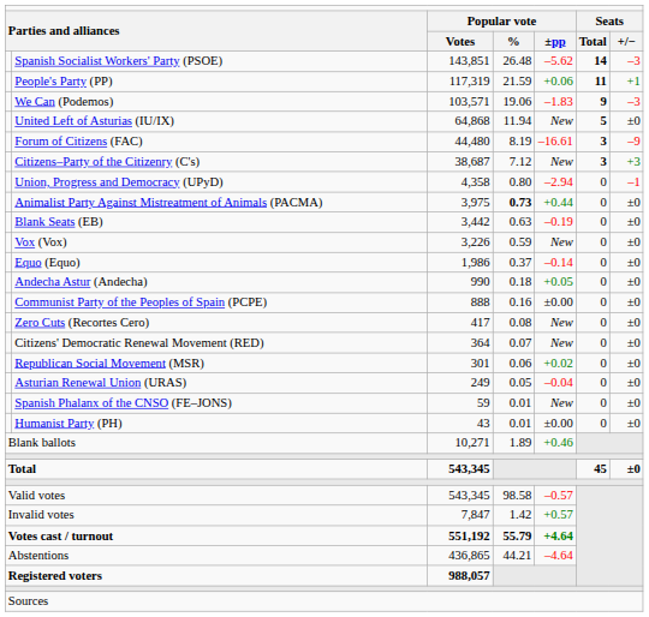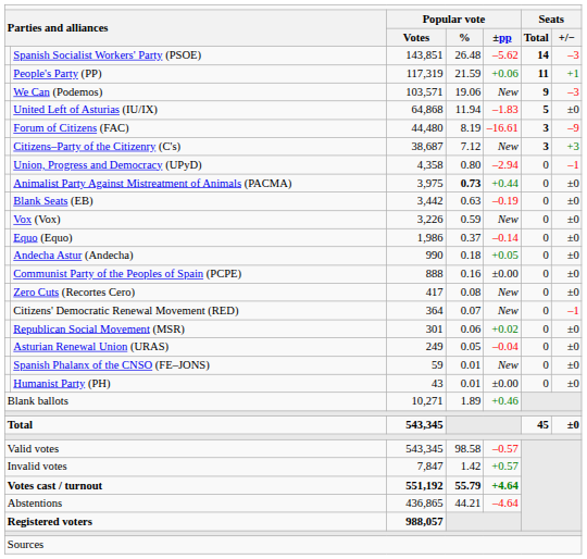 <table class="wikitable" style="text-align:right;">
 <tr>
 <td colspan="7"></td>
 </tr>
 <tr>
 <th style="text-align:left;" rowspan="2" colspan="2" width="525">Parties and alliances</th>
 <th colspan="3">Popular vote</th>
 <th colspan="2">Seats</th>
 </tr>
 <tr>
 <th width="75">Votes</th>
 <th width="45">%</th>
 <th width="45">±<a href='#'>pp</a></th>
 <th width="35">Total</th>
 <th width="35">+/−</th>
 </tr>
 <tr>
 <td width="1" style="color:inherit;background:"></td>
 <td align="left"><a href='#'>Spanish Socialist Workers' Party</a> (PSOE)</td>
 <td>143,851</td>
 <td>26.48</td>
 <td style="color:red;">–5.62</td>
 <td><strong>14</strong></td>
 <td style="color:red;">–3</td>
 </tr>
 <tr>
 <td style="color:inherit;background:"></td>
 <td align="left"><a href='#'>People's Party</a> (PP)</td>
 <td>117,319</td>
 <td>21.59</td>
 <td style="color:green;">+0.06</td>
 <td><strong>11</strong></td>
 <td style="color:green;">+1</td>
 </tr>
 <tr>
 <td style="color:inherit;background:"></td>
 <td align="left"><a href='#'>We Can</a> (Podemos)</td>
 <td>103,571</td>
 <td>19.06</td>
-<td style="color:red;">–1.83</td>
+<td><em>New</em></td>
 <td><strong>9</strong></td>
 <td style="color:red;">–3</td>
 </tr>
 <tr>
 <td style="color:inherit;background:"></td>
 <td align="left"><a href='#'>United Left of Asturias</a> (IU/IX)</td>
 <td>64,868</td>
 <td>11.94</td>
-<td><em>New</em></td>
+<td style="color:red;">–1.83</td>
 <td><strong>5</strong></td>
 <td>±0</td>
 </tr>
 <tr>
 <td style="color:inherit;background:"></td>
 <td align="left"><a href='#'>Forum of Citizens</a> (FAC)</td>
 <td>44,480</td>
 <td>8.19</td>
 <td style="color:red;">–16.61</td>
 <td><strong>3</strong></td>
 <td style="color:red;">–9</td>
 </tr>
 <tr>
 <td style="color:inherit;background:"></td>
 <td align="left"><a href='#'>Citizens–Party of the Citizenry</a> (C's)</td>
 <td>38,687</td>
 <td>7.12</td>
 <td><em>New</em></td>
 <td><strong>3</strong></td>
 <td style="color:green;">+3</td>
 </tr>
 <tr>
 <td style="color:inherit;background:"></td>
 <td align="left"><a href='#'>Union, Progress and Democracy</a> (UPyD)</td>
 <td>4,358</td>
 <td>0.80</td>
 <td style="color:red;">–2.94</td>
 <td>0</td>
 <td style="color:red;">–1</td>
 </tr>
 <tr>
 <td style="color:inherit;background:"></td>
 <td align="left"><a href='#'>Animalist Party Against Mistreatment of Animals</a> (PACMA)</td>
 <td>3,975</td>
 <td><strong>0.73</strong></td>
 <td style="color:green;">+0.44</td>
 <td>0</td>
 <td>±0</td>
 </tr>
 <tr>
 <td style="color:inherit;background:"></td>
 <td align="left"><a href='#'>Blank Seats</a> (EB)</td>
 <td>3,442</td>
 <td>0.63</td>
 <td style="color:red;">–0.19</td>
 <td>0</td>
 <td>±0</td>
 </tr>
 <tr>
 <td style="color:inherit;background:"></td>
 <td align="left"><a href='#'>Vox</a> (Vox)</td>
 <td>3,226</td>
 <td>0.59</td>
 <td><em>New</em></td>
 <td>0</td>
 <td>±0</td>
 </tr>
 <tr>
 <td style="color:inherit;background:"></td>
 <td align="left"><a href='#'>Equo</a> (Equo)</td>
 <td>1,986</td>
 <td>0.37</td>
 <td style="color:red;">–0.14</td>
 <td>0</td>
 <td>±0</td>
 </tr>
 <tr>
 <td style="color:inherit;background:"></td>
 <td align="left"><a href='#'>Andecha Astur</a> (Andecha)</td>
 <td>990</td>
 <td>0.18</td>
 <td style="color:green;">+0.05</td>
 <td>0</td>
 <td>±0</td>
 </tr>
 <tr>
 <td style="color:inherit;background:"></td>
 <td align="left"><a href='#'>Communist Party of the Peoples of Spain</a> (PCPE)</td>
 <td>888</td>
 <td>0.16</td>
 <td>±0.00</td>
 <td>0</td>
 <td>±0</td>
 </tr>
 <tr>
 <td style="color:inherit;background:"></td>
 <td align="left"><a href='#'>Zero Cuts</a> (Recortes Cero)</td>
 <td>417</td>
 <td>0.08</td>
 <td><em>New</em></td>
 <td>0</td>
 <td>±0</td>
 </tr>
 <tr>
 <td style="color:inherit;background:"></td>
 <td align="left">Citizens' Democratic Renewal Movement (RED)</td>
 <td>364</td>
 <td>0.07</td>
 <td><em>New</em></td>
 <td>0</td>
-<td>±0</td>
+<td style="color:red;">–1</td>
 </tr>
 <tr>
 <td style="color:inherit;background:"></td>
 <td align="left"><a href='#'>Republican Social Movement</a> (MSR)</td>
 <td>301</td>
 <td>0.06</td>
 <td style="color:green;">+0.02</td>
 <td>0</td>
 <td>±0</td>
 </tr>
 <tr>
 <td style="color:inherit;background:"></td>
 <td align="left"><a href='#'>Asturian Renewal Union</a> (URAS)</td>
 <td>249</td>
 <td>0.05</td>
 <td style="color:red;">–0.04</td>
 <td>0</td>
 <td>±0</td>
 </tr>
 <tr>
 <td style="color:inherit;background:"></td>
 <td align="left"><a href='#'>Spanish Phalanx of the CNSO</a> (FE–JONS)</td>
 <td>59</td>
 <td>0.01</td>
 <td><em>New</em></td>
 <td>0</td>
 <td>±0</td>
 </tr>
 <tr>
 <td style="color:inherit;background:"></td>
 <td align="left"><a href='#'>Humanist Party</a> (PH)</td>
 <td>43</td>
 <td>0.01</td>
 <td>±0.00</td>
 <td>0</td>
 <td>±0</td>
 </tr>
 <tr>
 <td align="left" colspan="2">Blank ballots</td>
 <td>10,271</td>
 <td>1.89</td>
 <td style="color:green;">+0.46</td>
 <td bgcolor="#E9E9E9" colspan="2"></td>
 </tr>
 <tr>
 <td colspan="7" bgcolor="#E9E9E9"></td>
 </tr>
 <tr style="font-weight:bold;">
 <td align="left" colspan="2">Total</td>
 <td>543,345</td>
 <td bgcolor="#E9E9E9" colspan="2"></td>
 <td>45</td>
 <td>±0</td>
 </tr>
 <tr>
 <td colspan="7" bgcolor="#E9E9E9"></td>
 </tr>
 <tr>
 <td align="left" colspan="2">Valid votes</td>
 <td>543,345</td>
 <td>98.58</td>
 <td style="color:red;">–0.57</td>
 <td bgcolor="#E9E9E9" colspan="2" rowspan="5"></td>
 </tr>
 <tr>
 <td align="left" colspan="2">Invalid votes</td>
 <td>7,847</td>
 <td>1.42</td>
 <td style="color:green;">+0.57</td>
 </tr>
 <tr style="font-weight:bold;">
 <td align="left" colspan="2">Votes cast / turnout</td>
 <td>551,192</td>
 <td>55.79</td>
 <td style="color:green;">+4.64</td>
 </tr>
 <tr>
 <td align="left" colspan="2">Abstentions</td>
 <td>436,865</td>
 <td>44.21</td>
 <td style="color:red;">–4.64</td>
 </tr>
 <tr style="font-weight:bold;">
 <td align="left" colspan="2">Registered voters</td>
 <td>988,057</td>
 <td bgcolor="#E9E9E9" colspan="2"></td>
 </tr>
 <tr>
 <td colspan="7" bgcolor="#E9E9E9"></td>
 </tr>
 <tr>
 <td align="left" colspan="7">Sources</td>
 </tr>
 </table>
